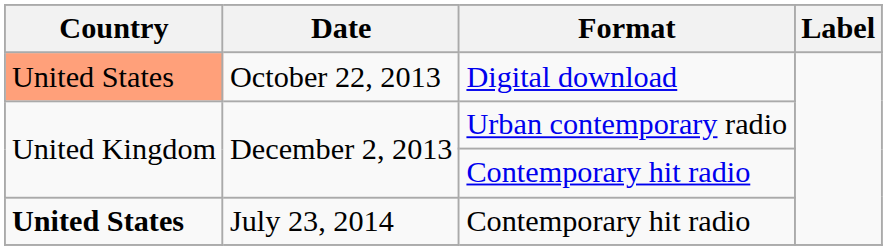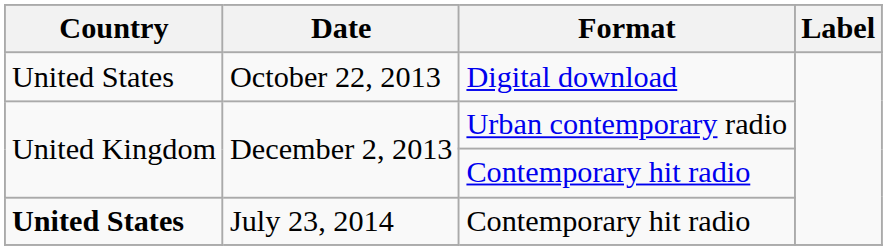 <table class="wikitable">
 <tr>
 <th>Country</th>
 <th>Date</th>
 <th>Format</th>
 <th>Label</th>
 </tr>
 <tr>
-<td style="background: lightsalmon;">United States</td>
+<td>United States</td>
 <td>October 22, 2013</td>
 <td><a href='#'>Digital download</a></td>
 <td rowspan="4"></td>
 </tr>
 <tr>
 <td rowspan="2">United Kingdom</td>
 <td rowspan="2">December 2, 2013</td>
 <td><a href='#'>Urban contemporary</a> radio</td>
 </tr>
 <tr>
 <td><a href='#'>Contemporary hit radio</a></td>
 </tr>
 <tr>
 <td><strong>United States</strong></td>
 <td>July 23, 2014</td>
 <td>Contemporary hit radio</td>
 </tr>
 </table>
